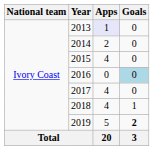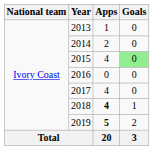 <table class="wikitable" style="text-align:center">
 <tr>
 <th>National team</th>
 <th>Year</th>
 <th>Apps</th>
 <th>Goals</th>
 </tr>
 <tr>
 <td rowspan="7"><a href='#'>Ivory Coast</a></td>
 <td>2013</td>
-<td style="background: lavender;">1</td>
+<td>1</td>
 <td>0</td>
 </tr>
 <tr>
 <td>2014</td>
 <td>2</td>
 <td>0</td>
 </tr>
 <tr>
 <td>2015</td>
 <td>4</td>
-<td>0</td>
+<td style="background: lightgreen;">0</td>
 </tr>
 <tr>
 <td>2016</td>
 <td>0</td>
-<td style="background: lightblue;">0</td>
+<td>0</td>
 </tr>
 <tr>
 <td>2017</td>
 <td>4</td>
 <td>0</td>
 </tr>
 <tr>
 <td>2018</td>
-<td>4</td>
+<td><strong>4</strong></td>
 <td>1</td>
 </tr>
 <tr>
 <td>2019</td>
-<td>5</td>
-<td><strong>2</strong></td>
+<td><strong>5</strong></td>
+<td>2</td>
 </tr>
 <tr>
 <th colspan="2">Total</th>
 <th>20</th>
 <th>3</th>
 </tr>
 </table>
